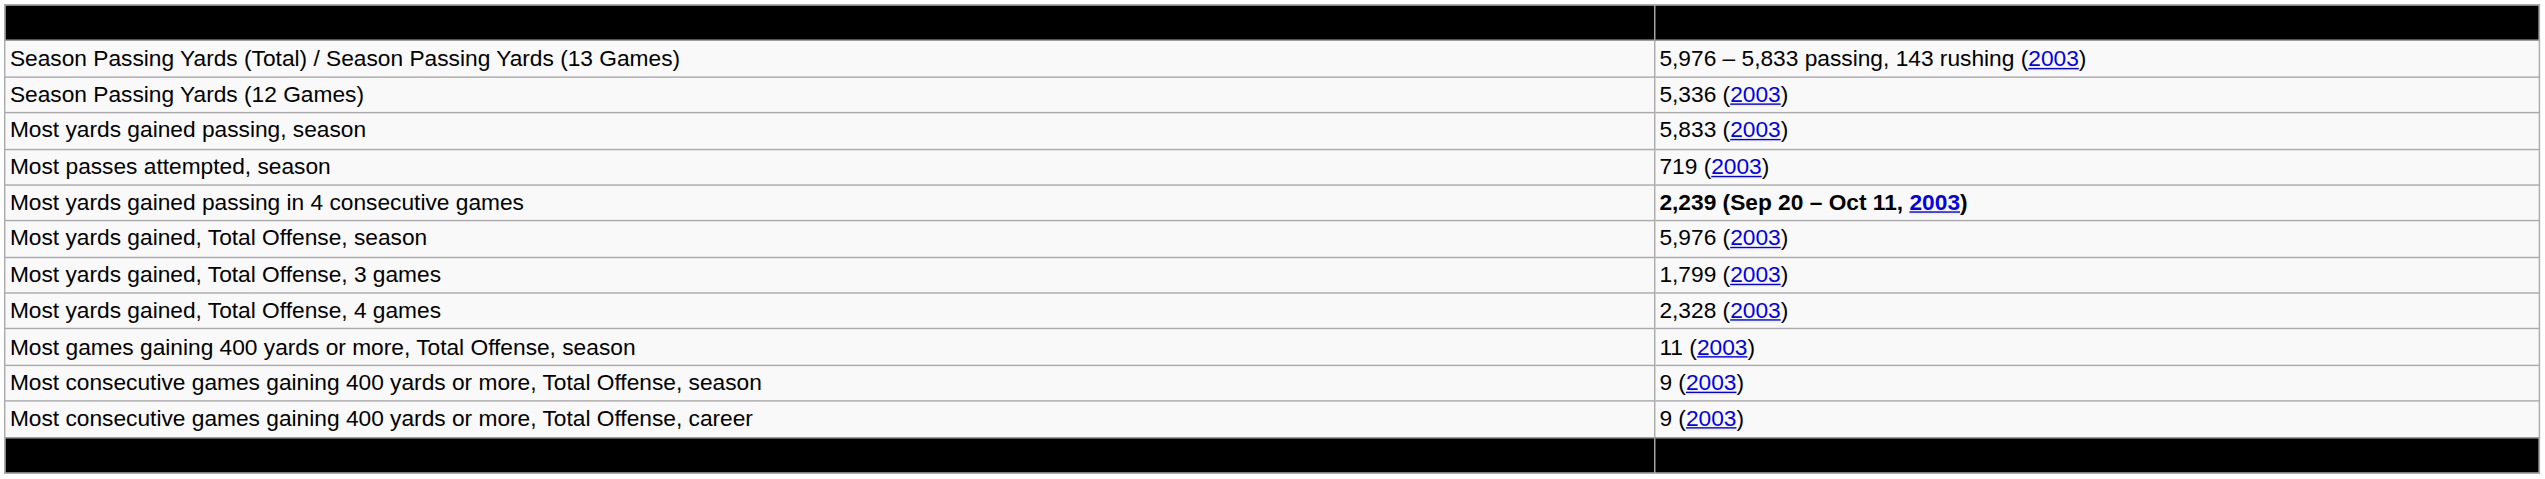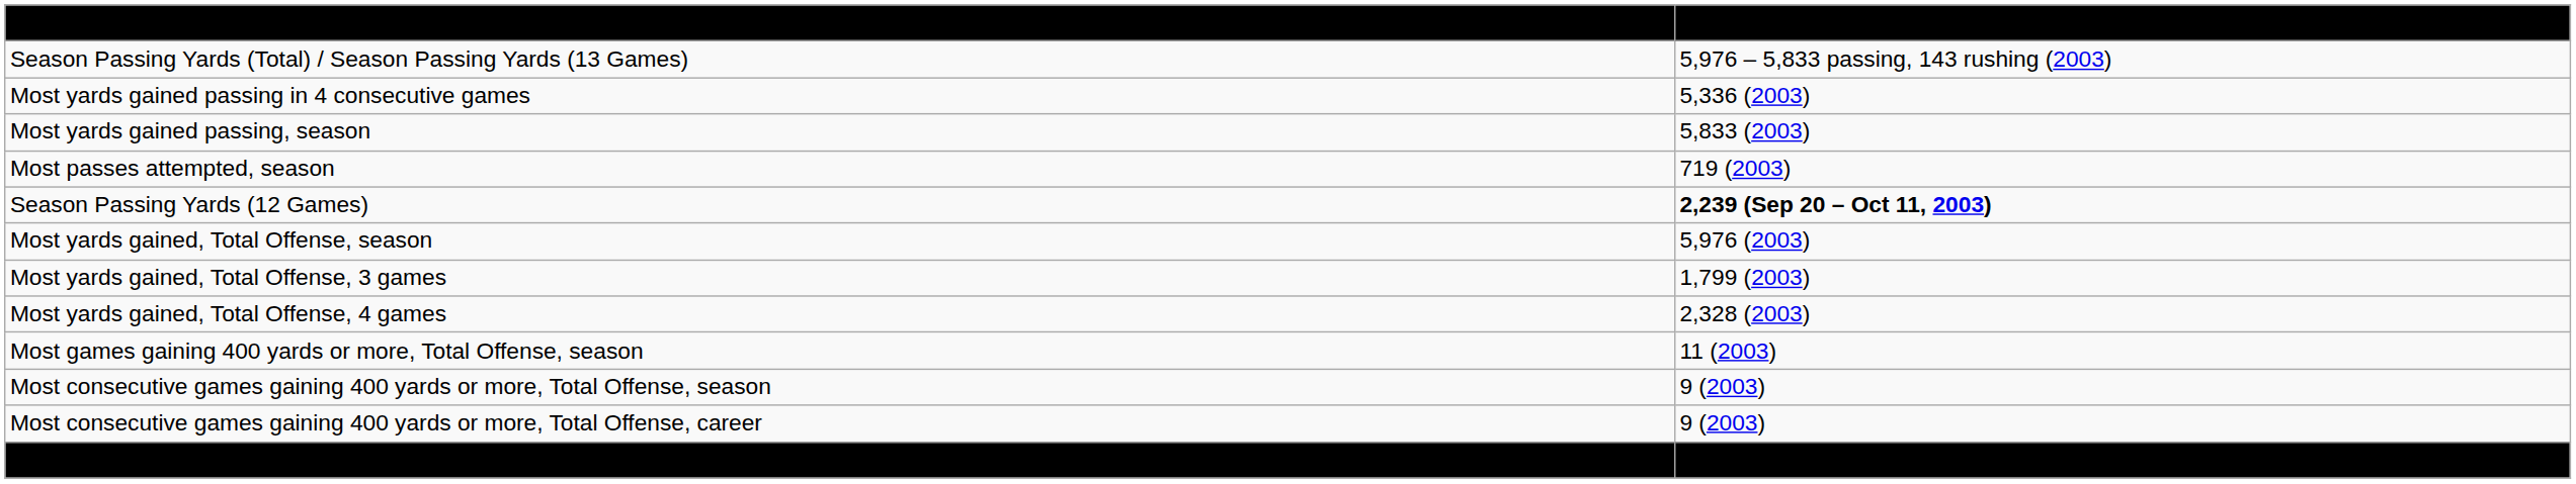 <table class="wikitable sortable" style="width:90%">
 <tr>
 <th style="background:#000000;"><span>NCAA Record</span></th>
 <th style="background:#000000;"><span>Statistic</span></th>
 </tr>
 <tr>
 <td align="left">Season Passing Yards (Total) / Season Passing Yards (13 Games)</td>
 <td align="left">5,976 – 5,833 passing, 143 rushing (<a href='#'>2003</a>)</td>
 </tr>
 <tr>
-<td align="left">Season Passing Yards (12 Games)</td>
+<td align="left">Most yards gained passing in 4 consecutive games</td>
 <td align="left">5,336 (<a href='#'>2003</a>)</td>
 </tr>
 <tr>
 <td align="left">Most yards gained passing, season</td>
 <td align="left">5,833 (<a href='#'>2003</a>)</td>
 </tr>
 <tr>
 <td align="left">Most passes attempted, season</td>
 <td align="left">719 (<a href='#'>2003</a>)</td>
 </tr>
 <tr>
-<td align="left">Most yards gained passing in 4 consecutive games</td>
+<td align="left">Season Passing Yards (12 Games)</td>
 <td align="left"><strong>2,239 (Sep 20 – Oct 11, <a href='#'>2003</a>)</strong></td>
 </tr>
 <tr>
 <td align="left">Most yards gained, Total Offense, season</td>
 <td align="left">5,976 (<a href='#'>2003</a>)</td>
 </tr>
 <tr>
 <td align="left">Most yards gained, Total Offense, 3 games</td>
 <td align="left">1,799 (<a href='#'>2003</a>)</td>
 </tr>
 <tr>
 <td align="left">Most yards gained, Total Offense, 4 games</td>
 <td align="left">2,328 (<a href='#'>2003</a>)</td>
 </tr>
 <tr>
 <td align="left">Most games gaining 400 yards or more, Total Offense, season</td>
 <td align="left">11 (<a href='#'>2003</a>)</td>
 </tr>
 <tr>
 <td align="left">Most consecutive games gaining 400 yards or more, Total Offense, season</td>
 <td align="left">9 (<a href='#'>2003</a>)</td>
 </tr>
 <tr>
 <td align="left">Most consecutive games gaining 400 yards or more, Total Offense, career</td>
 <td align="left">9 (<a href='#'>2003</a>)</td>
 </tr>
 <tr>
 <th style="background:#000000;"><span>Most consecutive games gaining 400 yards or more, Total Offense, season</span></th>
 <th style="background:#000000;"><span>Need More Space Here Now More More</span></th>
 </tr>
 </table>
